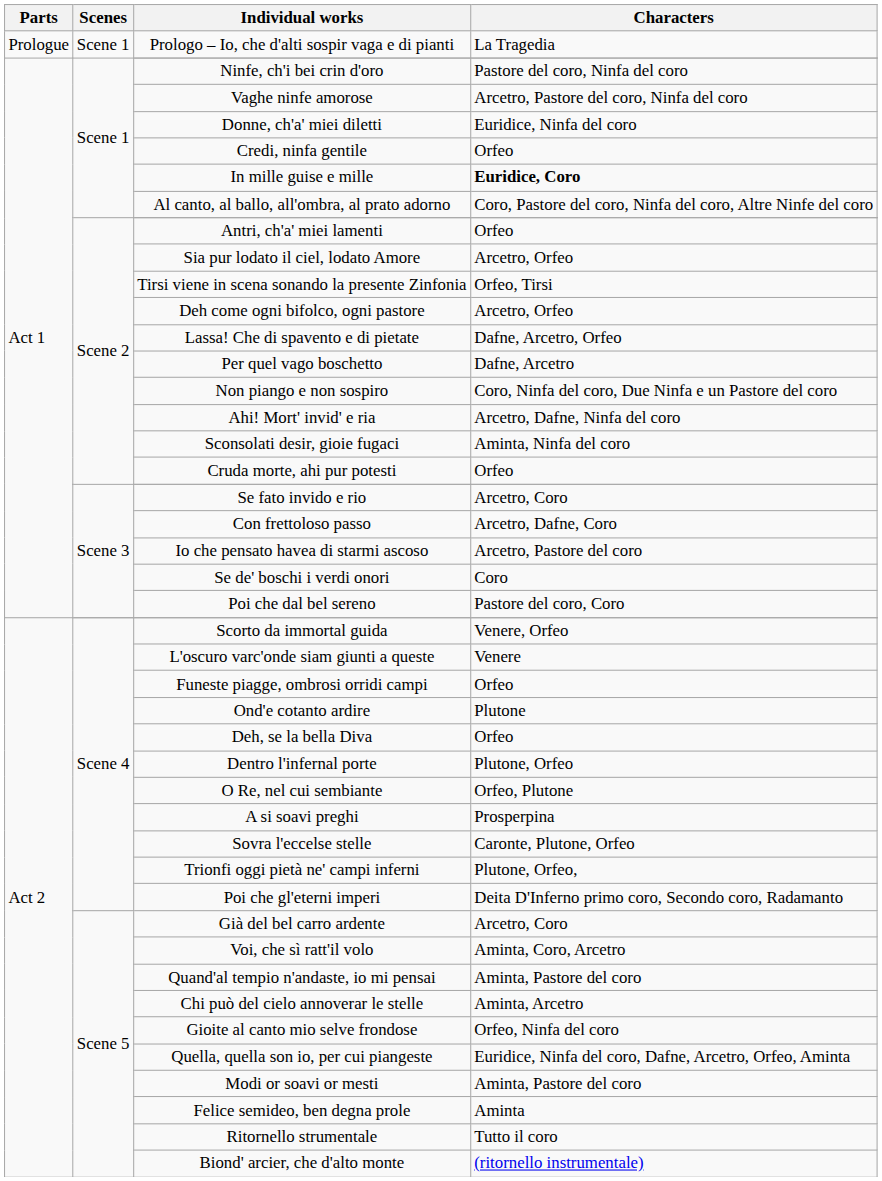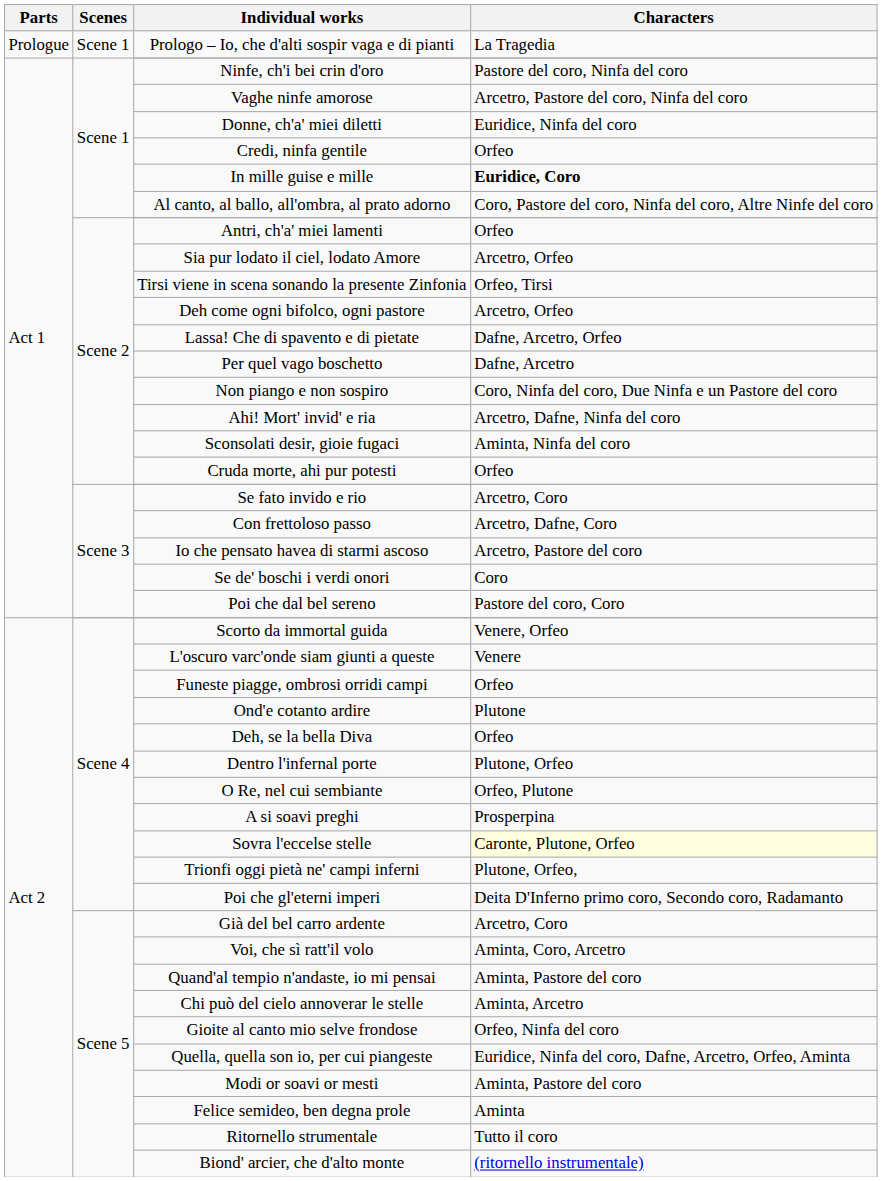 <table class="wikitable">
 <tr>
 <th>Parts</th>
 <th>Scenes</th>
 <th>Individual works</th>
 <th>Characters</th>
 </tr>
 <tr>
 <td>Prologue</td>
 <td>Scene 1</td>
 <td align="center">Prologo – Io, che d'alti sospir vaga e di pianti</td>
 <td>La Tragedia</td>
 </tr>
 <tr>
 <td Rowspan="24">Act 1</td>
 <td Rowspan="7">Scene 1</td>
 </tr>
 <tr>
 <td align="center">Ninfe, ch'i bei crin d'oro</td>
 <td>Pastore del coro, Ninfa del coro</td>
 </tr>
 <tr>
 <td align="center">Vaghe ninfe amorose</td>
 <td>Arcetro, Pastore del coro, Ninfa del coro</td>
 </tr>
 <tr>
 <td align="center">Donne, ch'a' miei diletti</td>
 <td>Euridice, Ninfa del coro</td>
 </tr>
 <tr>
 <td align="center">Credi, ninfa gentile</td>
 <td>Orfeo</td>
 </tr>
 <tr>
 <td align="center">In mille guise e mille</td>
 <td><strong>Euridice, Coro</strong></td>
 </tr>
 <tr>
 <td align="center">Al canto, al ballo, all'ombra, al prato adorno</td>
 <td>Coro, Pastore del coro, Ninfa del coro, Altre Ninfe del coro</td>
 </tr>
 <tr>
 <td Rowspan="11">Scene 2</td>
 </tr>
 <tr>
 <td align="center">Antri, ch'a' miei lamenti</td>
 <td>Orfeo</td>
 </tr>
 <tr>
 <td align="center">Sia pur lodato il ciel, lodato Amore</td>
 <td>Arcetro, Orfeo</td>
 </tr>
 <tr>
 <td align="center">Tirsi viene in scena sonando la presente Zinfonia</td>
 <td>Orfeo, Tirsi</td>
 </tr>
 <tr>
 <td align="center">Deh come ogni bifolco, ogni pastore</td>
 <td>Arcetro, Orfeo</td>
 </tr>
 <tr>
 <td align="center">Lassa! Che di spavento e di pietate</td>
 <td>Dafne, Arcetro, Orfeo</td>
 </tr>
 <tr>
 <td align="center">Per quel vago boschetto</td>
 <td>Dafne, Arcetro</td>
 </tr>
 <tr>
 <td align="center">Non piango e non sospiro</td>
 <td>Coro, Ninfa del coro, Due Ninfa e un Pastore del coro</td>
 </tr>
 <tr>
 <td align="center">Ahi! Mort' invid' e ria</td>
 <td>Arcetro, Dafne, Ninfa del coro</td>
 </tr>
 <tr>
 <td align="center">Sconsolati desir, gioie fugaci</td>
 <td>Aminta, Ninfa del coro</td>
 </tr>
 <tr>
 <td align="center">Cruda morte, ahi pur potesti</td>
 <td>Orfeo</td>
 </tr>
 <tr>
 <td Rowspan="6">Scene 3</td>
 </tr>
 <tr>
 <td align="center">Se fato invido e rio</td>
 <td>Arcetro, Coro</td>
 </tr>
 <tr>
 <td align="center">Con frettoloso passo</td>
 <td>Arcetro, Dafne, Coro</td>
 </tr>
 <tr>
 <td align="center">Io che pensato havea di starmi ascoso</td>
 <td>Arcetro, Pastore del coro</td>
 </tr>
 <tr>
 <td align="center">Se de' boschi i verdi onori</td>
 <td>Coro</td>
 </tr>
 <tr>
 <td align="center">Poi che dal bel sereno</td>
 <td>Pastore del coro, Coro</td>
 </tr>
 <tr>
 <td Rowspan="22">Act 2</td>
 </tr>
 <tr>
 <td rowspan="11">Scene 4</td>
 <td align="center">Scorto da immortal guida</td>
 <td>Venere, Orfeo</td>
 </tr>
 <tr>
 <td align="center">L'oscuro varc'onde siam giunti a queste</td>
 <td>Venere</td>
 </tr>
 <tr>
 <td align="center">Funeste piagge, ombrosi orridi campi</td>
 <td>Orfeo</td>
 </tr>
 <tr>
 <td align="center">Ond'e cotanto ardire</td>
 <td>Plutone</td>
 </tr>
 <tr>
 <td align="center">Deh, se la bella Diva</td>
 <td>Orfeo</td>
 </tr>
 <tr>
 <td align="center">Dentro l'infernal porte</td>
 <td>Plutone, Orfeo</td>
 </tr>
 <tr>
 <td align="center">O Re, nel cui sembiante</td>
 <td>Orfeo, Plutone</td>
 </tr>
 <tr>
 <td align="center">A si soavi preghi</td>
 <td>Prosperpina</td>
 </tr>
 <tr>
 <td align="center">Sovra l'eccelse stelle</td>
-<td>Caronte, Plutone, Orfeo</td>
+<td style="background: lightyellow;">Caronte, Plutone, Orfeo</td>
 </tr>
 <tr>
 <td align="center">Trionfi oggi pietà ne' campi inferni</td>
 <td>Plutone, Orfeo,</td>
 </tr>
 <tr>
 <td align="center">Poi che gl'eterni imperi</td>
 <td>Deita D'Inferno primo coro, Secondo coro, Radamanto</td>
 </tr>
 <tr>
 <td Rowspan="10">Scene 5</td>
 <td align="center">Già del bel carro ardente</td>
 <td>Arcetro, Coro</td>
 </tr>
 <tr>
 <td align="center">Voi, che sì ratt'il volo</td>
 <td>Aminta, Coro, Arcetro</td>
 </tr>
 <tr>
 <td align="center">Quand'al tempio n'andaste, io mi pensai</td>
 <td>Aminta, Pastore del coro</td>
 </tr>
 <tr>
 <td align="center">Chi può del cielo annoverar le stelle</td>
 <td>Aminta, Arcetro</td>
 </tr>
 <tr>
 <td align="center">Gioite al canto mio selve frondose</td>
 <td>Orfeo, Ninfa del coro</td>
 </tr>
 <tr>
 <td align="center">Quella, quella son io, per cui piangeste</td>
 <td>Euridice, Ninfa del coro, Dafne, Arcetro, Orfeo, Aminta</td>
 </tr>
 <tr>
 <td align="center">Modi or soavi or mesti</td>
 <td>Aminta, Pastore del coro</td>
 </tr>
 <tr>
 <td align="center">Felice semideo, ben degna prole</td>
 <td>Aminta</td>
 </tr>
 <tr>
 <td align="center">Ritornello strumentale</td>
 <td>Tutto il coro</td>
 </tr>
 <tr>
 <td align="center">Biond' arcier, che d'alto monte</td>
 <td><a href='#'>(ritornello instrumentale)</a></td>
 </tr>
 <tr>
 </tr>
 </table>
